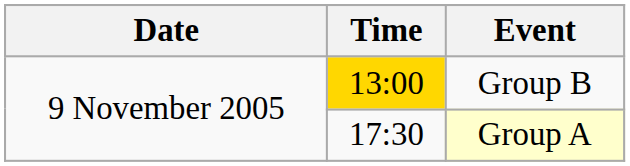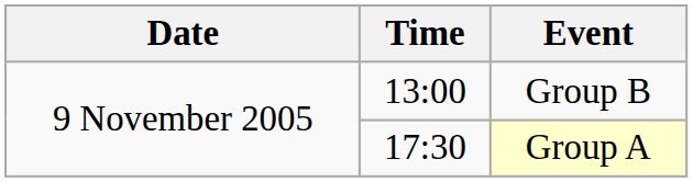 <table class = "wikitable" style="text-align:center;">
 <tr>
 <th width=150>Date</th>
 <th width=50>Time</th>
 <th width=80>Event</th>
 </tr>
 <tr>
 <td rowspan=2>9 November 2005</td>
-<td style="background: gold;">13:00</td>
+<td>13:00</td>
 <td>Group B</td>
 </tr>
 <tr>
 <td>17:30</td>
 <td bgcolor=ffffcc>Group A</td>
 </tr>
 </table>
